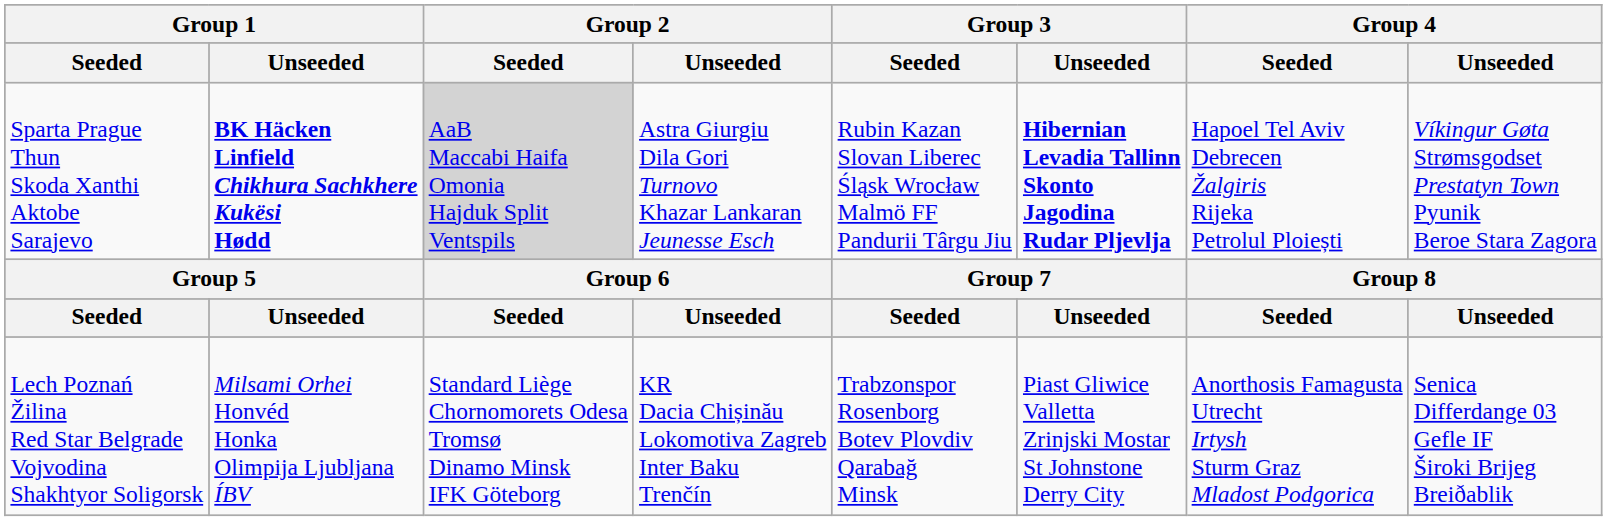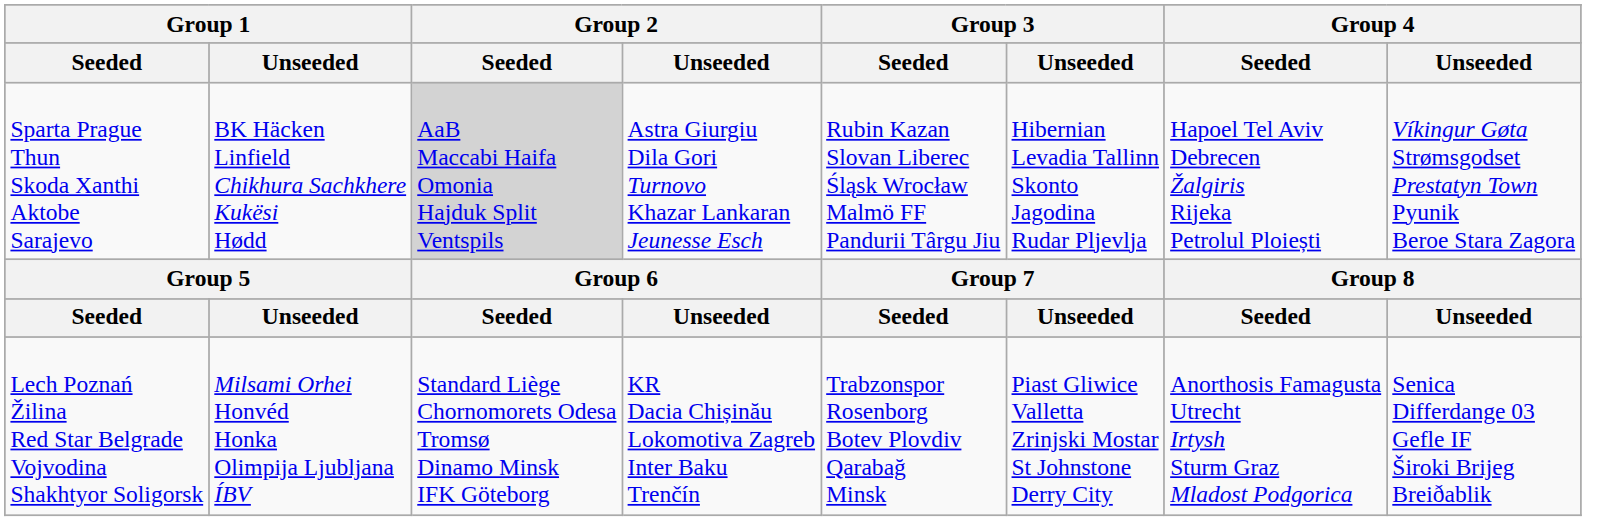 <table class="wikitable" style="font-size:85%">
 <tr>
 <th colspan=2>Group 1</th>
 <th colspan=2>Group 2</th>
 <th colspan=2>Group 3</th>
 <th colspan=2>Group 4</th>
 </tr>
 <tr>
 <th>Seeded</th>
 <th>Unseeded</th>
 <th>Seeded</th>
 <th>Unseeded</th>
 <th>Seeded</th>
 <th>Unseeded</th>
 <th>Seeded</th>
 <th>Unseeded</th>
 </tr>
 <tr>
 <td valign=top><br> <a href='#'>Sparta Prague</a><br>  <a href='#'>Thun</a><br>  <a href='#'>Skoda Xanthi</a><br>  <a href='#'>Aktobe</a><br>  <a href='#'>Sarajevo</a></td>
-<td valign=top><strong><br> <a href='#'>BK Häcken</a><br>  <a href='#'>Linfield</a><br>  <em><a href='#'>Chikhura Sachkhere</a></em><br>  <em><a href='#'>Kukësi</a></em><br>  <a href='#'>Hødd</a></strong></td>
+<td valign=top><br> <a href='#'>BK Häcken</a><br>  <a href='#'>Linfield</a><br>  <em><a href='#'>Chikhura Sachkhere</a></em><br>  <em><a href='#'>Kukësi</a></em><br>  <a href='#'>Hødd</a></td>
 <td valign=top style="background: lightgrey;"><br> <a href='#'>AaB</a><br>  <a href='#'>Maccabi Haifa</a><br>  <a href='#'>Omonia</a><br>  <a href='#'>Hajduk Split</a><br>  <a href='#'>Ventspils</a></td>
 <td valign=top><br> <a href='#'>Astra Giurgiu</a><br>  <a href='#'>Dila Gori</a><br>  <em><a href='#'>Turnovo</a></em><br>  <a href='#'>Khazar Lankaran</a><br>  <em><a href='#'>Jeunesse Esch</a></em></td>
 <td valign=top><br> <a href='#'>Rubin Kazan</a><br>  <a href='#'>Slovan Liberec</a><br>  <a href='#'>Śląsk Wrocław</a><br>  <a href='#'>Malmö FF</a><br>  <a href='#'>Pandurii Târgu Jiu</a></td>
-<td valign=top><strong><br> <a href='#'>Hibernian</a><br>  <a href='#'>Levadia Tallinn</a><br>  <a href='#'>Skonto</a><br>  <a href='#'>Jagodina</a><br>  <a href='#'>Rudar Pljevlja</a></strong></td>
+<td valign=top><br> <a href='#'>Hibernian</a><br>  <a href='#'>Levadia Tallinn</a><br>  <a href='#'>Skonto</a><br>  <a href='#'>Jagodina</a><br>  <a href='#'>Rudar Pljevlja</a></td>
 <td valign=top><br> <a href='#'>Hapoel Tel Aviv</a><br>  <a href='#'>Debrecen</a><br>  <em><a href='#'>Žalgiris</a></em><br>  <a href='#'>Rijeka</a><br>  <a href='#'>Petrolul Ploiești</a></td>
 <td valign=top><br> <em><a href='#'>Víkingur Gøta</a></em><br>  <a href='#'>Strømsgodset</a><br>  <em><a href='#'>Prestatyn Town</a></em><br>  <a href='#'>Pyunik</a><br>  <a href='#'>Beroe Stara Zagora</a></td>
 </tr>
 <tr>
 <th colspan=2>Group 5</th>
 <th colspan=2>Group 6</th>
 <th colspan=2>Group 7</th>
 <th colspan=2>Group 8</th>
 </tr>
 <tr>
 <th>Seeded</th>
 <th>Unseeded</th>
 <th>Seeded</th>
 <th>Unseeded</th>
 <th>Seeded</th>
 <th>Unseeded</th>
 <th>Seeded</th>
 <th>Unseeded</th>
 </tr>
 <tr>
 <td valign=top><br> <a href='#'>Lech Poznań</a><br>  <a href='#'>Žilina</a><br>  <a href='#'>Red Star Belgrade</a><br>  <a href='#'>Vojvodina</a><br>  <a href='#'>Shakhtyor Soligorsk</a></td>
 <td valign=top><br> <em><a href='#'>Milsami Orhei</a></em><br>  <a href='#'>Honvéd</a><br>  <a href='#'>Honka</a><br>  <a href='#'>Olimpija Ljubljana</a><br>  <em><a href='#'>ÍBV</a></em></td>
 <td valign=top><br> <a href='#'>Standard Liège</a><br>  <a href='#'>Chornomorets Odesa</a><br>  <a href='#'>Tromsø</a><br>  <a href='#'>Dinamo Minsk</a><br>  <a href='#'>IFK Göteborg</a></td>
 <td valign=top><br> <a href='#'>KR</a><br>  <a href='#'>Dacia Chișinău</a><br>  <a href='#'>Lokomotiva Zagreb</a><br>  <a href='#'>Inter Baku</a><br>  <a href='#'>Trenčín</a></td>
 <td valign=top><br> <a href='#'>Trabzonspor</a><br>  <a href='#'>Rosenborg</a><br>  <a href='#'>Botev Plovdiv</a><br>  <a href='#'>Qarabağ</a><br>  <a href='#'>Minsk</a></td>
 <td valign=top><br> <a href='#'>Piast Gliwice</a><br>  <a href='#'>Valletta</a><br>  <a href='#'>Zrinjski Mostar</a><br>  <a href='#'>St Johnstone</a><br>  <a href='#'>Derry City</a></td>
 <td valign=top><br> <a href='#'>Anorthosis Famagusta</a><br>  <a href='#'>Utrecht</a><br>  <em><a href='#'>Irtysh</a></em><br>  <a href='#'>Sturm Graz</a><br>  <em><a href='#'>Mladost Podgorica</a></em></td>
 <td valign=top><br> <a href='#'>Senica</a><br>  <a href='#'>Differdange 03</a><br>  <a href='#'>Gefle IF</a><br>  <a href='#'>Široki Brijeg</a><br>  <a href='#'>Breiðablik</a></td>
 </tr>
 </table>
